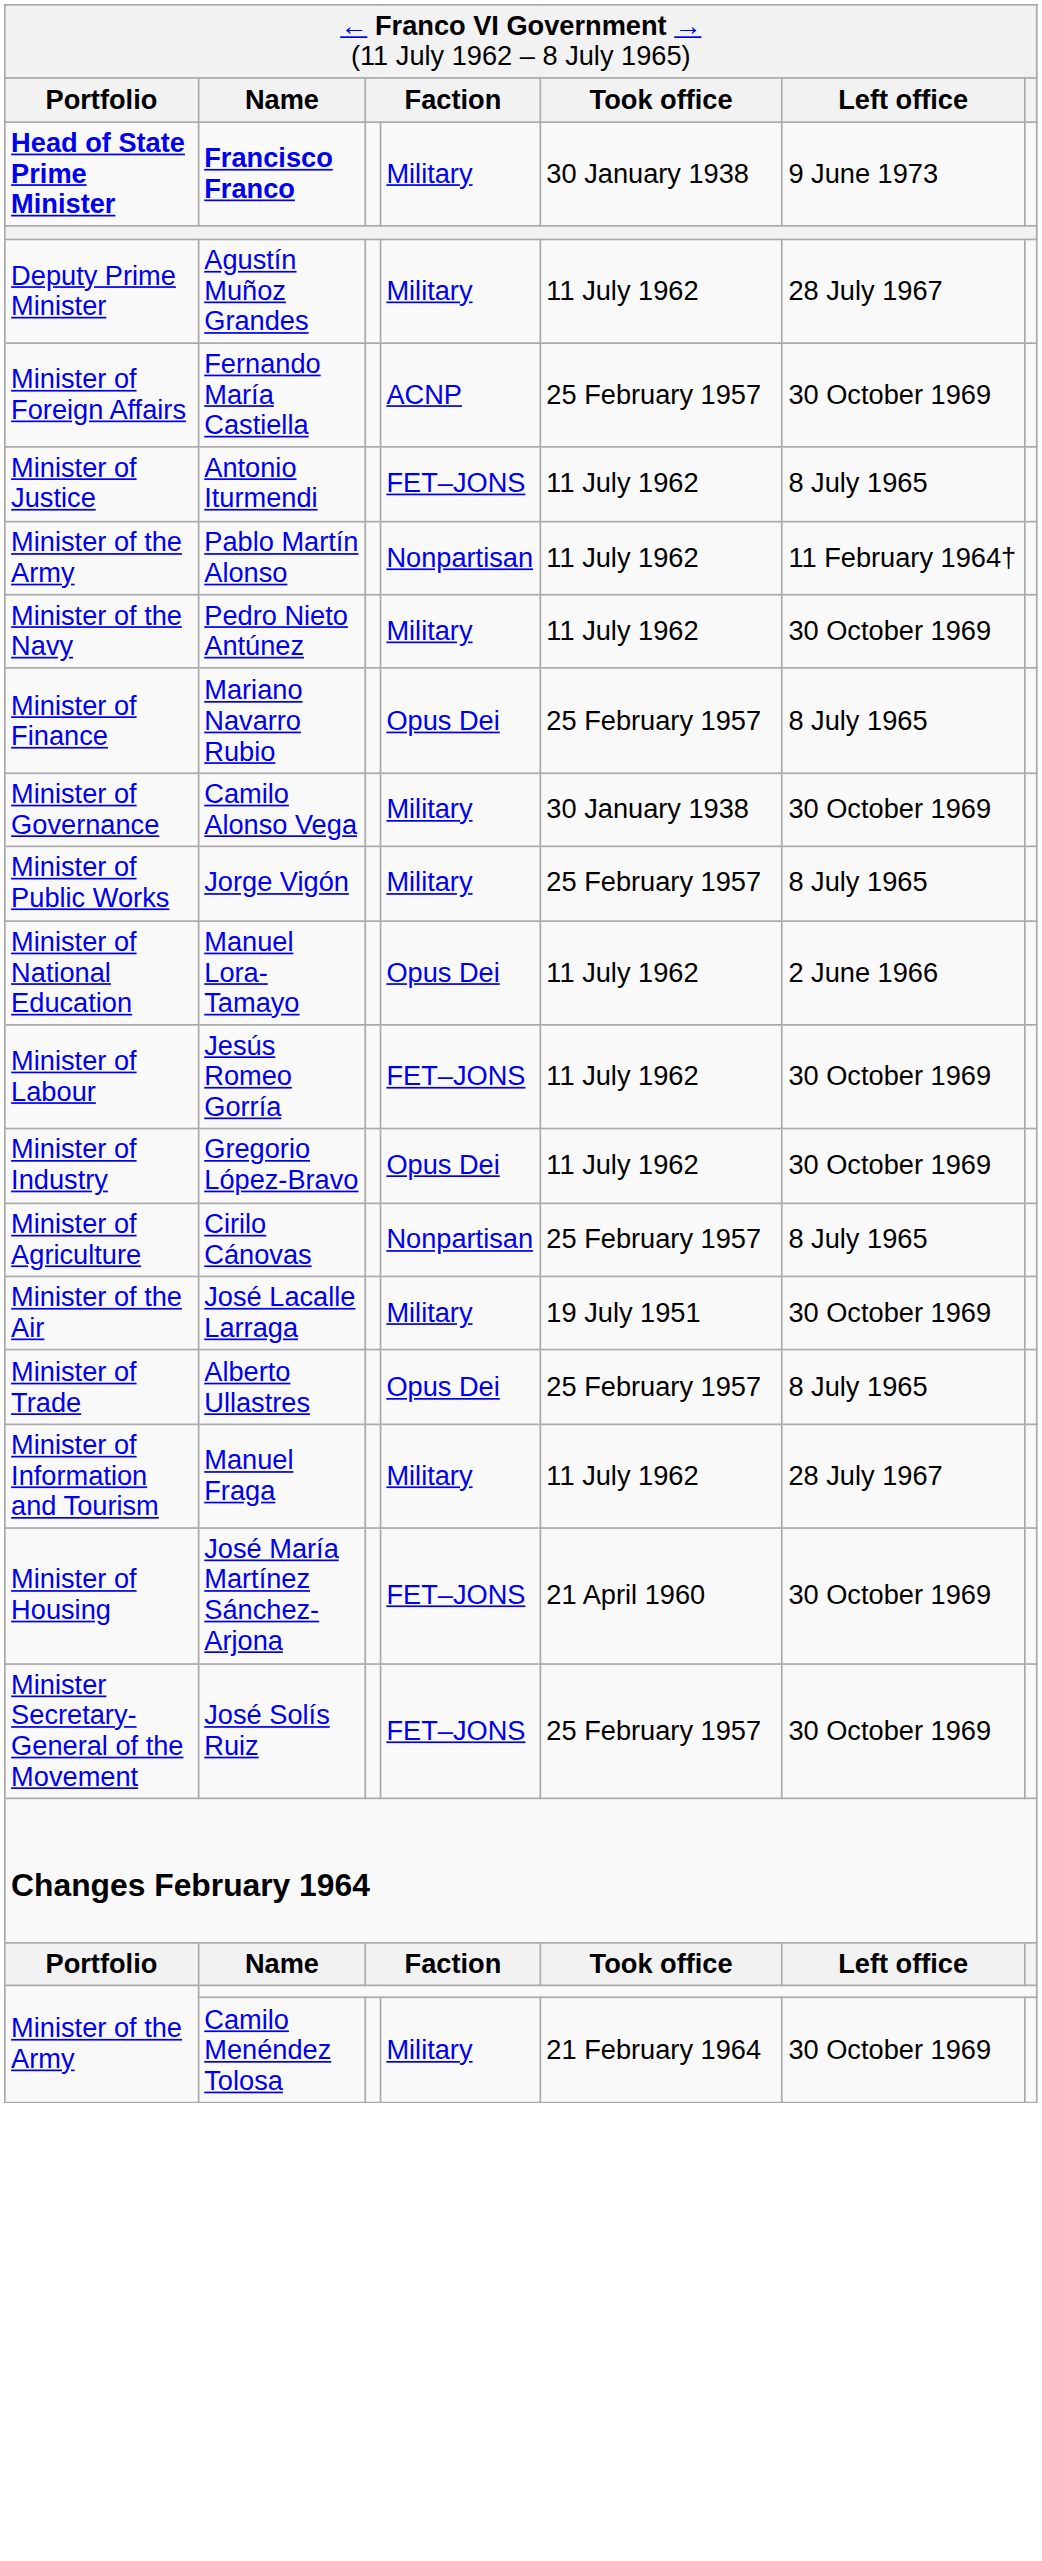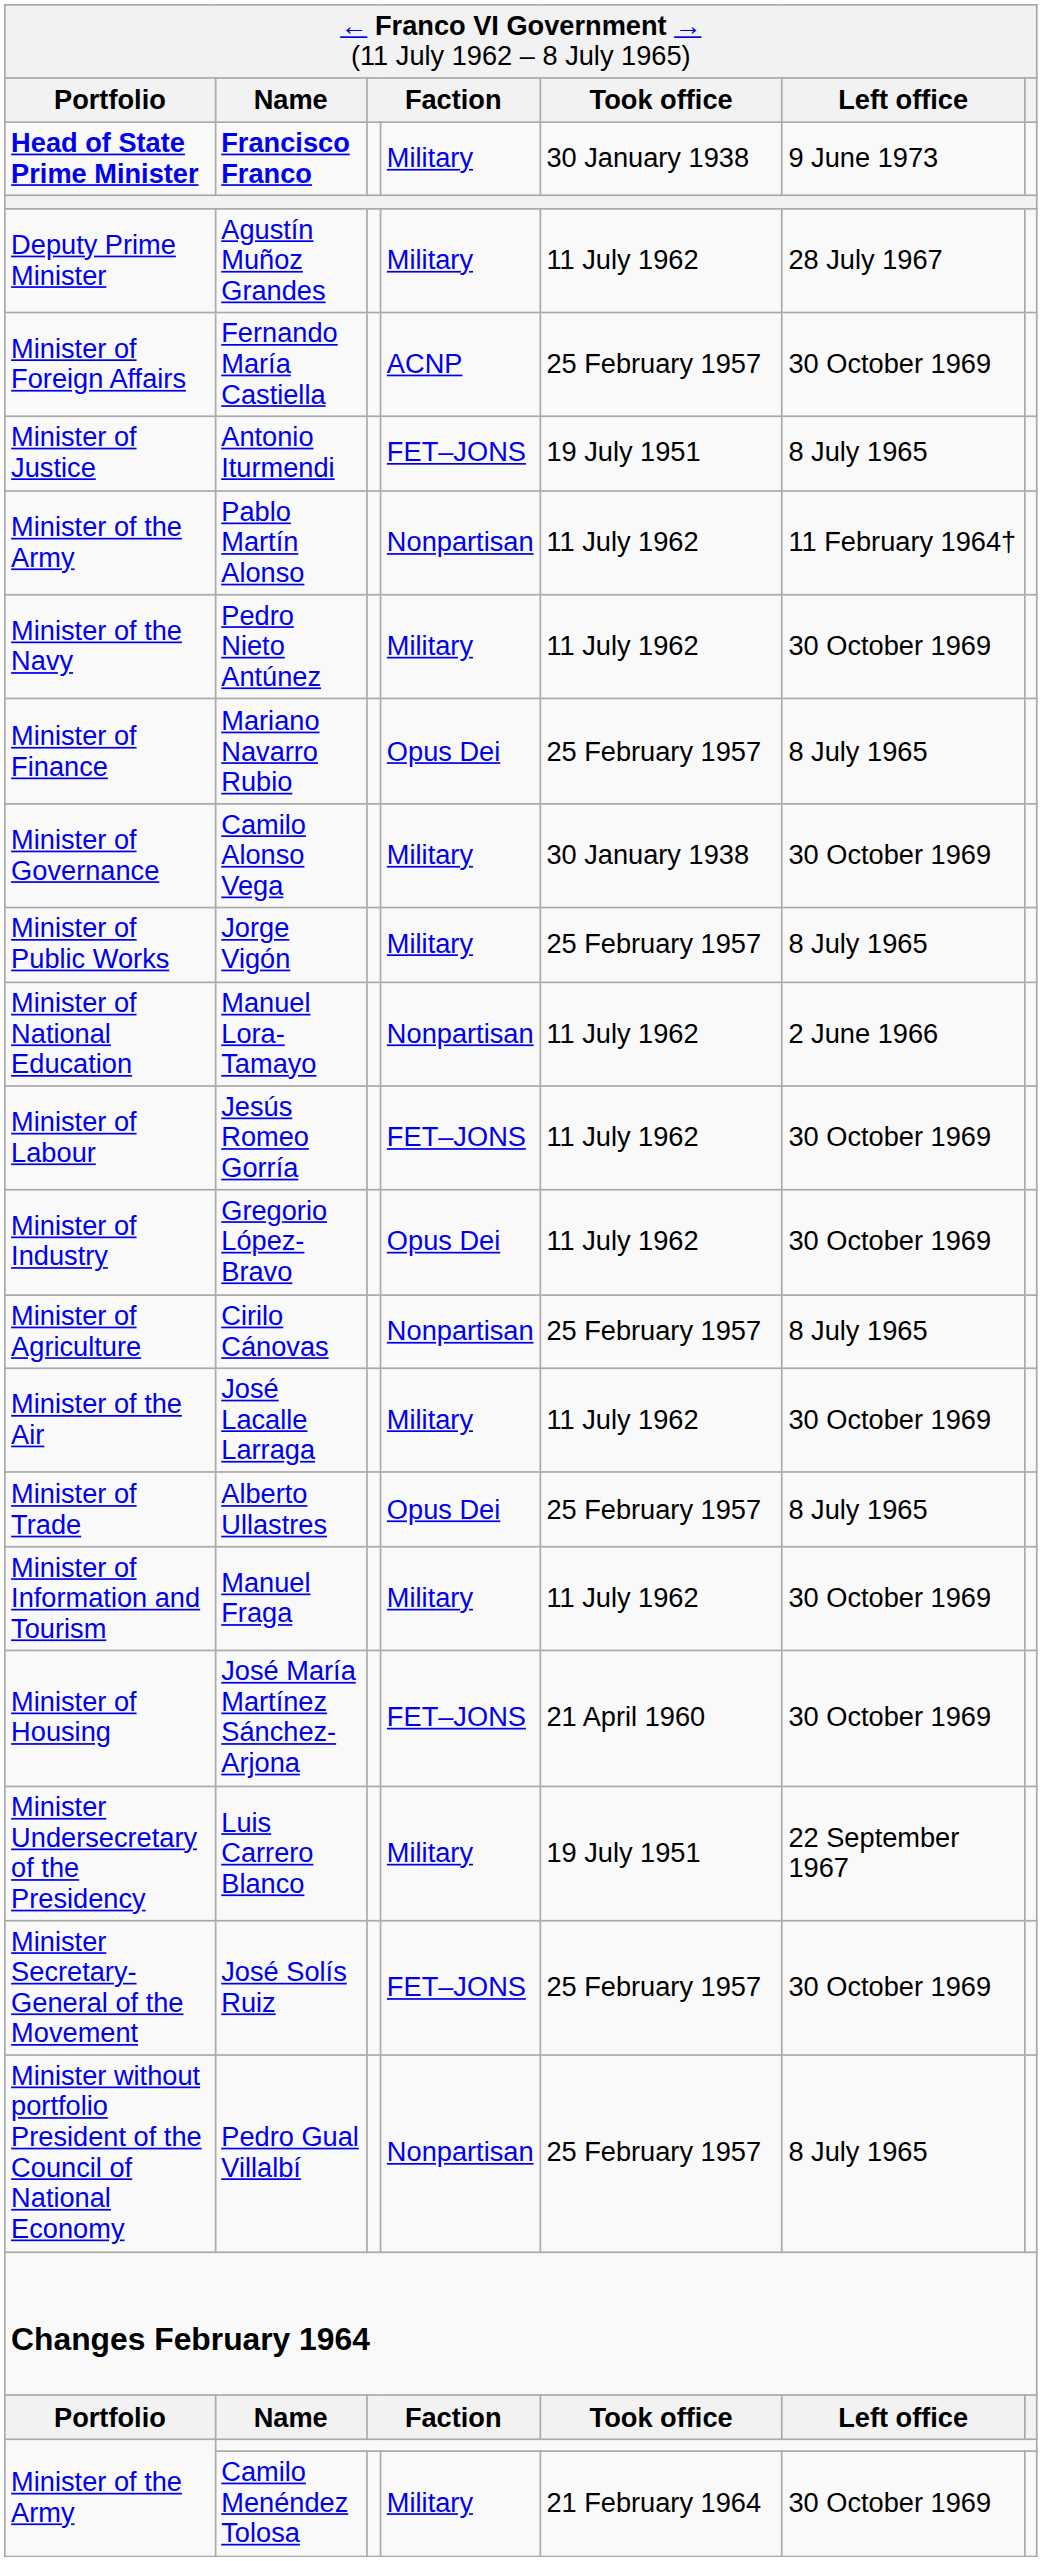 <table class="wikitable">
 <tr>
 <td colspan="7" bgcolor="#F2F2F2" align="center"><a href='#'>←</a> <strong>Franco VI Government</strong> <a href='#'>→</a><br>(11 July 1962 – 8 July 1965)</td>
 </tr>
 <tr>
 <th>Portfolio</th>
 <th>Name</th>
 <th width="100px" colspan="2">Faction</th>
 <th width="135px">Took office</th>
 <th width="135px">Left office</th>
 <th></th>
 </tr>
 <tr>
 <td><strong><a href='#'>Head of State</a><br><a href='#'>Prime Minister</a></strong></td>
 <td><strong><a href='#'>Francisco Franco</a></strong></td>
 <td width="1" style="background-color:"></td>
 <td><a href='#'>Military</a></td>
 <td>30 January 1938</td>
 <td>9 June 1973</td>
 <td align="center"><br></td>
 </tr>
 <tr>
 <th colspan="7"></th>
 </tr>
 <tr>
 <td><a href='#'>Deputy Prime Minister</a></td>
 <td><a href='#'>Agustín Muñoz Grandes</a></td>
 <td style="background-color:"></td>
 <td><a href='#'>Military</a></td>
 <td>11 July 1962</td>
 <td>28 July 1967</td>
 <td align="center"></td>
 </tr>
 <tr>
 <td><a href='#'>Minister of Foreign Affairs</a></td>
 <td><a href='#'>Fernando María Castiella</a></td>
 <td style="background-color:"></td>
 <td><a href='#'>ACNP</a></td>
 <td>25 February 1957</td>
 <td>30 October 1969</td>
 <td align="center"></td>
 </tr>
 <tr>
 <td><a href='#'>Minister of Justice</a></td>
 <td><a href='#'>Antonio Iturmendi</a></td>
 <td style="background-color:"></td>
 <td><a href='#'>FET–JONS</a></td>
-<td>11 July 1962</td>
+<td>19 July 1951</td>
 <td>8 July 1965</td>
 <td align="center"></td>
 </tr>
 <tr>
 <td><a href='#'>Minister of the Army</a></td>
 <td><a href='#'>Pablo Martín Alonso</a></td>
 <td style="background-color:"></td>
 <td><a href='#'>Nonpartisan</a></td>
 <td>11 July 1962</td>
 <td>11 February 1964†</td>
 <td align="center"></td>
 </tr>
 <tr>
 <td><a href='#'>Minister of the Navy</a></td>
 <td><a href='#'>Pedro Nieto Antúnez</a></td>
 <td style="background-color:"></td>
 <td><a href='#'>Military</a></td>
 <td>11 July 1962</td>
 <td>30 October 1969</td>
 <td align="center"></td>
 </tr>
 <tr>
 <td><a href='#'>Minister of Finance</a></td>
 <td><a href='#'>Mariano Navarro Rubio</a></td>
 <td style="background-color:"></td>
 <td><a href='#'>Opus Dei</a></td>
 <td>25 February 1957</td>
 <td>8 July 1965</td>
 <td align="center"></td>
 </tr>
 <tr>
 <td><a href='#'>Minister of Governance</a></td>
 <td><a href='#'>Camilo Alonso Vega</a></td>
 <td style="background-color:"></td>
 <td><a href='#'>Military</a></td>
 <td>30 January 1938</td>
 <td>30 October 1969</td>
 <td align="center"></td>
 </tr>
 <tr>
 <td><a href='#'>Minister of Public Works</a></td>
 <td><a href='#'>Jorge Vigón</a></td>
 <td style="background-color:"></td>
 <td><a href='#'>Military</a></td>
 <td>25 February 1957</td>
 <td>8 July 1965</td>
 <td align="center"></td>
 </tr>
 <tr>
 <td><a href='#'>Minister of National Education</a></td>
 <td><a href='#'>Manuel Lora-Tamayo</a></td>
 <td style="background-color:"></td>
-<td><a href='#'>Opus Dei</a></td>
+<td><a href='#'>Nonpartisan</a></td>
 <td>11 July 1962</td>
 <td>2 June 1966</td>
 <td align="center"></td>
 </tr>
 <tr>
 <td><a href='#'>Minister of Labour</a></td>
 <td><a href='#'>Jesús Romeo Gorría</a></td>
 <td style="background-color:"></td>
 <td><a href='#'>FET–JONS</a></td>
 <td>11 July 1962</td>
 <td>30 October 1969</td>
 <td align="center"></td>
 </tr>
 <tr>
 <td><a href='#'>Minister of Industry</a></td>
 <td><a href='#'>Gregorio López-Bravo</a></td>
 <td style="background-color:"></td>
 <td><a href='#'>Opus Dei</a></td>
 <td>11 July 1962</td>
 <td>30 October 1969</td>
 <td align="center"></td>
 </tr>
 <tr>
 <td><a href='#'>Minister of Agriculture</a></td>
 <td><a href='#'>Cirilo Cánovas</a></td>
 <td style="background-color:"></td>
 <td><a href='#'>Nonpartisan</a></td>
 <td>25 February 1957</td>
 <td>8 July 1965</td>
 <td align="center"></td>
 </tr>
 <tr>
 <td><a href='#'>Minister of the Air</a></td>
 <td><a href='#'>José Lacalle Larraga</a></td>
 <td style="background-color:"></td>
 <td><a href='#'>Military</a></td>
-<td>19 July 1951</td>
+<td>11 July 1962</td>
 <td>30 October 1969</td>
 <td align="center"></td>
 </tr>
 <tr>
 <td><a href='#'>Minister of Trade</a></td>
 <td><a href='#'>Alberto Ullastres</a></td>
 <td style="background-color:"></td>
 <td><a href='#'>Opus Dei</a></td>
 <td>25 February 1957</td>
 <td>8 July 1965</td>
 <td align="center"></td>
 </tr>
 <tr>
 <td><a href='#'>Minister of Information and Tourism</a></td>
 <td><a href='#'>Manuel Fraga</a></td>
 <td style="background-color:"></td>
 <td><a href='#'>Military</a></td>
 <td>11 July 1962</td>
-<td>28 July 1967</td>
+<td>30 October 1969</td>
 <td align="center"></td>
 </tr>
 <tr>
 <td><a href='#'>Minister of Housing</a></td>
 <td><a href='#'>José María Martínez Sánchez-Arjona</a></td>
 <td style="background-color:"></td>
 <td><a href='#'>FET–JONS</a></td>
 <td>21 April 1960</td>
 <td>30 October 1969</td>
 <td align="center"></td>
 </tr>
 <tr>
+<td><a href='#'>Minister Undersecretary of the Presidency</a></td>
+<td><a href='#'>Luis Carrero Blanco</a></td>
+<td style="background-color:"></td>
+<td><a href='#'>Military</a></td>
+<td>19 July 1951</td>
+<td>22 September 1967</td>
+<td align="center"></td>
+</tr>
+<tr>
 <td><a href='#'>Minister Secretary-General of the Movement</a></td>
 <td><a href='#'>José Solís Ruiz</a></td>
 <td style="background-color:"></td>
 <td><a href='#'>FET–JONS</a></td>
 <td>25 February 1957</td>
 <td>30 October 1969</td>
+<td align="center"></td>
+</tr>
+<tr>
+<td><a href='#'>Minister without portfolio</a><br><a href='#'>President of the Council of National Economy</a></td>
+<td><a href='#'>Pedro Gual Villalbí</a></td>
+<td style="background-color:"></td>
+<td><a href='#'>Nonpartisan</a></td>
+<td>25 February 1957</td>
+<td>8 July 1965</td>
 <td align="center"></td>
 </tr>
 <tr>
 <td colspan="7"><br><h3>Changes February 1964</h3></td>
 </tr>
 <tr>
 <th>Portfolio</th>
 <th>Name</th>
 <th colspan="2">Faction</th>
 <th>Took office</th>
 <th>Left office</th>
 <th></th>
 </tr>
 <tr>
 <td rowspan="2"><a href='#'>Minister of the Army</a></td>
 <td colspan="6"></td>
 </tr>
 <tr>
 <td><a href='#'>Camilo Menéndez Tolosa</a></td>
 <td style="background-color:"></td>
 <td><a href='#'>Military</a></td>
 <td>21 February 1964</td>
 <td>30 October 1969</td>
 <td align="center"></td>
 </tr>
 </table>
